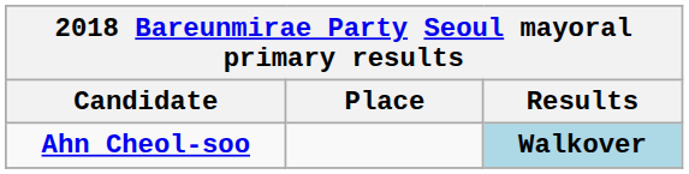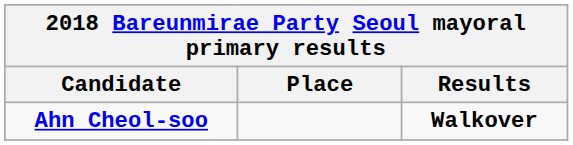 <table class="wikitable" style="text-align:center;">
 <tr>
 <th colspan=4>2018 <a href='#'>Bareunmirae Party</a> <a href='#'>Seoul</a> mayoral primary results</th>
 </tr>
 <tr>
 <th width=130><strong>Candidate</strong></th>
 <th width=90><strong>Place</strong></th>
 <th width=90><strong>Results</strong></th>
 </tr>
 <tr>
 <td><strong><a href='#'>Ahn Cheol-soo</a></strong></td>
 <td style="background:"><strong></strong></td>
-<td style="background: lightblue;"><strong>Walkover</strong></td>
+<td><strong>Walkover</strong></td>
 </tr>
 </table>
